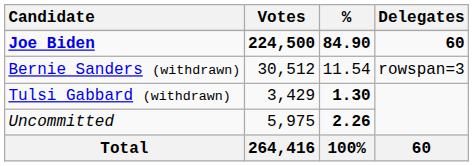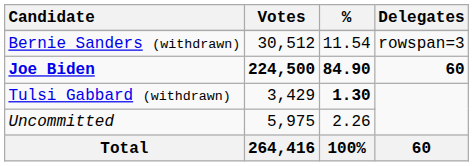 <table class="wikitable sortable" style="text-align:right;">
 <tr>
 <th style="text-align:left;">Candidate</th>
 <th>Votes</th>
 <th>%</th>
 <th>Delegates</th>
 </tr>
 <tr>
 </tr>
 <tr>
+<td style="text-align:left;" data-sort-value="Sanders, Bernie"><a href='#'>Bernie Sanders</a> <small>(withdrawn)</small></td>
+<td>30,512</td>
+<td>11.54</td>
+<td>rowspan=3 </td>
+</tr>
+<tr>
 <td style="text-align:left;" data-sort-value="Biden, Joe"><strong><a href='#'>Joe Biden</a></strong></td>
 <td><strong>224,500</strong></td>
 <td><strong>84.90</strong></td>
 <td><strong>60</strong></td>
-</tr>
-<tr>
-<td style="text-align:left;" data-sort-value="Sanders, Bernie"><a href='#'>Bernie Sanders</a> <small>(withdrawn)</small></td>
-<td>30,512</td>
-<td>11.54</td>
-<td>rowspan=3 </td>
 </tr>
 <tr>
 <td style="text-align:left;" data-sort-value="Gabbard, Tulsi"><a href='#'>Tulsi Gabbard</a> <small>(withdrawn)</small></td>
 <td>3,429</td>
 <td><strong>1.30</strong></td>
 </tr>
 <tr>
 <td style="text-align:left;" data-sort-value="ZZ"><em>Uncommitted</em></td>
 <td>5,975</td>
-<td><strong>2.26</strong></td>
+<td>2.26</td>
 </tr>
 <tr>
 <th>Total</th>
 <th>264,416</th>
 <th>100%</th>
 <th>60</th>
 </tr>
 </table>
